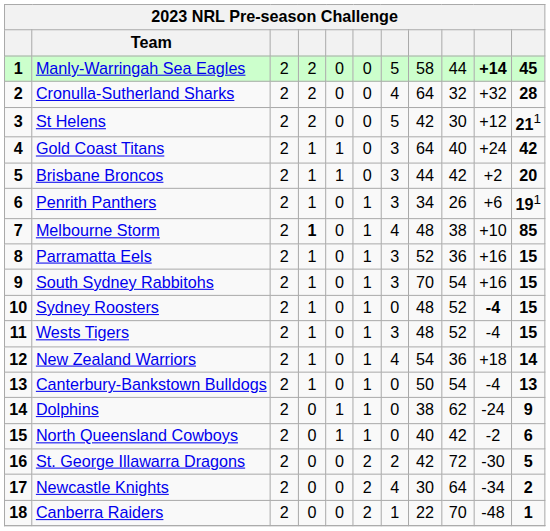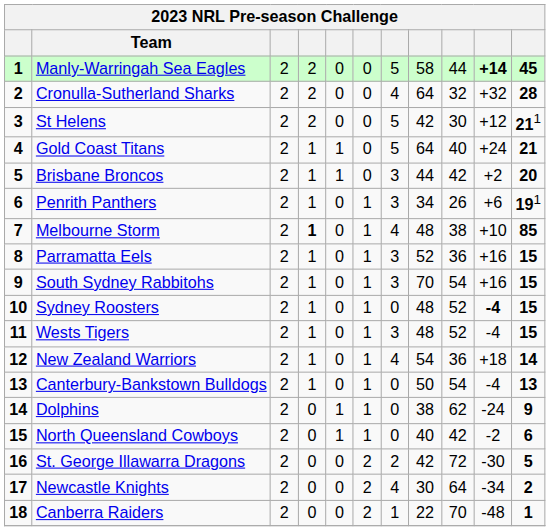 <table class="wikitable" style="text-align:center;">
 <tr>
 <th colspan="11">2023 NRL Pre-season Challenge</th>
 </tr>
 <tr>
 <th width="20"></th>
 <th>Team</th>
 <th width="20"></th>
 <th width="20"></th>
 <th width="20"></th>
 <th width="20"></th>
 <th width="20"></th>
 <th width="25"></th>
 <th width="25"></th>
 <th width="30"></th>
 <th width="20"></th>
 </tr>
 <tr style="background: #ccffcc;">
 <td><strong>1</strong></td>
 <td style="text-align:left;"> <a href='#'>Manly-Warringah Sea Eagles</a></td>
 <td>2</td>
 <td>2</td>
 <td>0</td>
 <td>0</td>
 <td>5</td>
 <td>58</td>
 <td>44</td>
 <td><strong>+14</strong></td>
 <td><strong>45</strong></td>
 </tr>
 <tr style="background:">
 <td><strong>2</strong></td>
 <td style="text-align:left;"> <a href='#'>Cronulla-Sutherland Sharks</a></td>
 <td>2</td>
 <td>2</td>
 <td>0</td>
 <td>0</td>
 <td>4</td>
 <td>64</td>
 <td>32</td>
 <td>+32</td>
 <td><strong>28</strong></td>
 </tr>
 <tr style="background:">
 <td><strong>3</strong></td>
 <td style="text-align:left;"> <a href='#'>St Helens</a></td>
 <td>2</td>
 <td>2</td>
 <td>0</td>
 <td>0</td>
 <td>5</td>
 <td>42</td>
 <td>30</td>
 <td>+12</td>
 <td><strong>21</strong><sup>1</sup></td>
 </tr>
 <tr style="background:">
 <td><strong>4</strong></td>
 <td style="text-align:left;"> <a href='#'>Gold Coast Titans</a></td>
 <td>2</td>
 <td>1</td>
 <td>1</td>
 <td>0</td>
-<td>3</td>
+<td>5</td>
 <td>64</td>
 <td>40</td>
 <td>+24</td>
-<td><strong>42</strong></td>
+<td><strong>21</strong></td>
 </tr>
 <tr style="background:">
 <td><strong>5</strong></td>
 <td style="text-align:left;"> <a href='#'>Brisbane Broncos</a></td>
 <td>2</td>
 <td>1</td>
 <td>1</td>
 <td>0</td>
 <td>3</td>
 <td>44</td>
 <td>42</td>
 <td>+2</td>
 <td><strong>20</strong></td>
 </tr>
 <tr style="background:">
 <td><strong>6</strong></td>
 <td style="text-align:left;"> <a href='#'>Penrith Panthers</a></td>
 <td>2</td>
 <td>1</td>
 <td>0</td>
 <td>1</td>
 <td>3</td>
 <td>34</td>
 <td>26</td>
 <td>+6</td>
 <td><strong>19</strong><sup>1</sup></td>
 </tr>
 <tr style="background:">
 <td><strong>7</strong></td>
 <td style="text-align:left;"> <a href='#'>Melbourne Storm</a></td>
 <td>2</td>
 <td><strong>1</strong></td>
 <td>0</td>
 <td>1</td>
 <td>4</td>
 <td>48</td>
 <td>38</td>
 <td>+10</td>
 <td><strong>85</strong></td>
 </tr>
 <tr style="background:">
 <td><strong>8</strong></td>
 <td style="text-align:left;"> <a href='#'>Parramatta Eels</a></td>
 <td>2</td>
 <td>1</td>
 <td>0</td>
 <td>1</td>
 <td>3</td>
 <td>52</td>
 <td>36</td>
 <td>+16</td>
 <td><strong>15</strong></td>
 </tr>
 <tr style="background:">
 <td><strong>9</strong></td>
 <td style="text-align:left;"> <a href='#'>South Sydney Rabbitohs</a></td>
 <td>2</td>
 <td>1</td>
 <td>0</td>
 <td>1</td>
 <td>3</td>
 <td>70</td>
 <td>54</td>
 <td>+16</td>
 <td><strong>15</strong></td>
 </tr>
 <tr style="background:">
 <td><strong>10</strong></td>
 <td style="text-align:left;"> <a href='#'>Sydney Roosters</a></td>
 <td>2</td>
 <td>1</td>
 <td>0</td>
 <td>1</td>
 <td>0</td>
 <td>48</td>
 <td>52</td>
 <td><strong>-4</strong></td>
 <td><strong>15</strong></td>
 </tr>
 <tr style="background:">
 <td><strong>11</strong></td>
 <td style="text-align:left;"> <a href='#'>Wests Tigers</a></td>
 <td>2</td>
 <td>1</td>
 <td>0</td>
 <td>1</td>
 <td>3</td>
 <td>48</td>
 <td>52</td>
 <td>-4</td>
 <td><strong>15</strong></td>
 </tr>
 <tr style="background:">
 <td><strong>12</strong></td>
 <td style="text-align:left;"> <a href='#'>New Zealand Warriors</a></td>
 <td>2</td>
 <td>1</td>
 <td>0</td>
 <td>1</td>
 <td>4</td>
 <td>54</td>
 <td>36</td>
 <td>+18</td>
 <td><strong>14</strong></td>
 </tr>
 <tr style="background:">
 <td><strong>13</strong></td>
 <td style="text-align:left;"> <a href='#'>Canterbury-Bankstown Bulldogs</a></td>
 <td>2</td>
 <td>1</td>
 <td>0</td>
 <td>1</td>
 <td>0</td>
 <td>50</td>
 <td>54</td>
 <td>-4</td>
 <td><strong>13</strong></td>
 </tr>
 <tr style="background:">
 <td><strong>14</strong></td>
 <td style="text-align:left;"> <a href='#'>Dolphins</a></td>
 <td>2</td>
 <td>0</td>
 <td>1</td>
 <td>1</td>
 <td>0</td>
 <td>38</td>
 <td>62</td>
 <td>-24</td>
 <td><strong>9</strong></td>
 </tr>
 <tr style="background:">
 <td><strong>15</strong></td>
 <td style="text-align:left;"> <a href='#'>North Queensland Cowboys</a></td>
 <td>2</td>
 <td>0</td>
 <td>1</td>
 <td>1</td>
 <td>0</td>
 <td>40</td>
 <td>42</td>
 <td>-2</td>
 <td><strong>6</strong></td>
 </tr>
 <tr style="background:">
 <td><strong>16</strong></td>
 <td style="text-align:left;"> <a href='#'>St. George Illawarra Dragons</a></td>
 <td>2</td>
 <td>0</td>
 <td>0</td>
 <td>2</td>
 <td>2</td>
 <td>42</td>
 <td>72</td>
 <td>-30</td>
 <td><strong>5</strong></td>
 </tr>
 <tr style="background:">
 <td><strong>17</strong></td>
 <td style="text-align:left;"> <a href='#'>Newcastle Knights</a></td>
 <td>2</td>
 <td>0</td>
 <td>0</td>
 <td>2</td>
 <td>4</td>
 <td>30</td>
 <td>64</td>
 <td>-34</td>
 <td><strong>2</strong></td>
 </tr>
 <tr style="background:">
 <td><strong>18</strong></td>
 <td style="text-align:left;"> <a href='#'>Canberra Raiders</a></td>
 <td>2</td>
 <td>0</td>
 <td>0</td>
 <td>2</td>
 <td>1</td>
 <td>22</td>
 <td>70</td>
 <td>-48</td>
 <td><strong>1</strong></td>
 </tr>
 <tr style="background:">
 </tr>
 </table>
